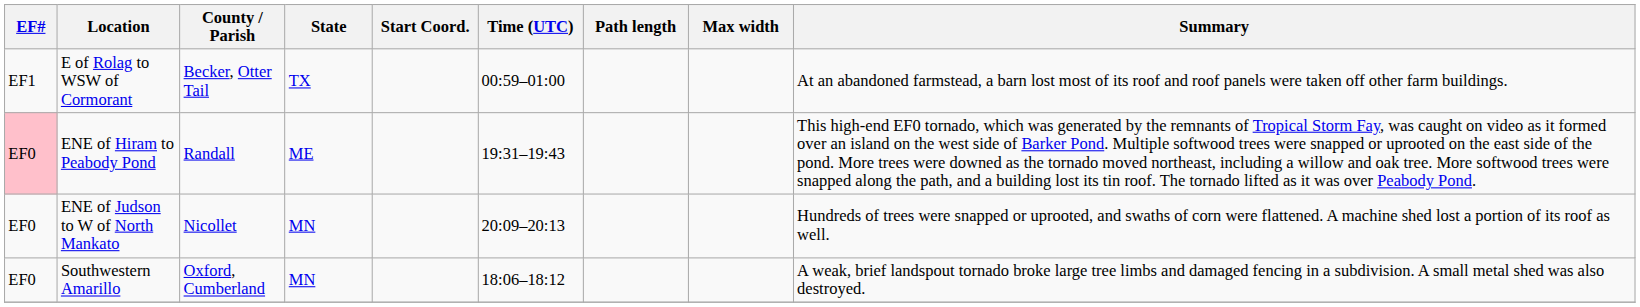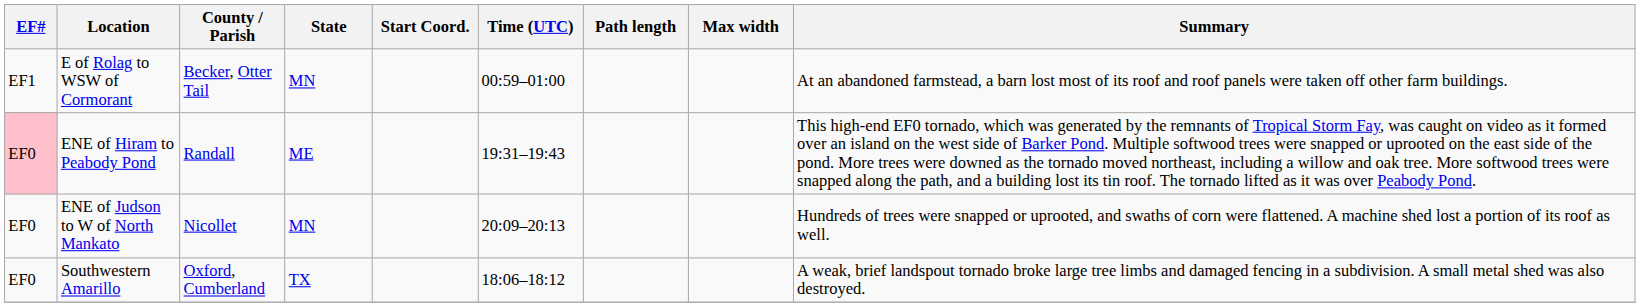 <table class="wikitable sortable" style="width:100%;">
 <tr>
 <th scope="col"  style="width:3%; text-align:center;"><a href='#'>EF#</a></th>
 <th scope="col"  style="width:7%; text-align:center;" class="unsortable">Location</th>
 <th scope="col"  style="width:6%; text-align:center;" class="unsortable">County / Parish</th>
 <th scope="col"  style="width:5%; text-align:center;">State</th>
 <th scope="col"  style="width:6%; text-align:center;">Start Coord.</th>
 <th scope="col"  style="width:6%; text-align:center;">Time (<a href='#'>UTC</a>)</th>
 <th scope="col"  style="width:6%; text-align:center;">Path length</th>
 <th scope="col"  style="width:6%; text-align:center;">Max width</th>
 <th scope="col" class="unsortable" style="width:48%; text-align:center;">Summary</th>
 </tr>
 <tr>
 <td>EF1</td>
 <td>E of <a href='#'>Rolag</a> to WSW of <a href='#'>Cormorant</a></td>
 <td><a href='#'>Becker</a>, <a href='#'>Otter Tail</a></td>
-<td><a href='#'>TX</a></td>
+<td><a href='#'>MN</a></td>
 <td></td>
 <td>00:59–01:00</td>
 <td></td>
 <td></td>
 <td>At an abandoned farmstead, a barn lost most of its roof and roof panels were taken off other farm buildings.</td>
 </tr>
 <tr>
 <td style="background: pink;">EF0</td>
 <td>ENE of <a href='#'>Hiram</a> to <a href='#'>Peabody Pond</a></td>
 <td><a href='#'>Randall</a></td>
 <td><a href='#'>ME</a></td>
 <td></td>
 <td>19:31–19:43</td>
 <td></td>
 <td></td>
 <td>This high-end EF0 tornado, which was generated by the remnants of <a href='#'>Tropical Storm Fay</a>, was caught on video as it formed over an island on the west side of <a href='#'>Barker Pond</a>. Multiple softwood trees were snapped or uprooted on the east side of the pond. More trees were downed as the tornado moved northeast, including a willow and oak tree. More softwood trees were snapped along the path, and a building lost its tin roof. The tornado lifted as it was over <a href='#'>Peabody Pond</a>.</td>
 </tr>
 <tr>
 <td>EF0</td>
 <td>ENE of <a href='#'>Judson</a> to W of <a href='#'>North Mankato</a></td>
 <td><a href='#'>Nicollet</a></td>
 <td><a href='#'>MN</a></td>
 <td></td>
 <td>20:09–20:13</td>
 <td></td>
 <td></td>
 <td>Hundreds of trees were snapped or uprooted, and swaths of corn were flattened. A machine shed lost a portion of its roof as well.</td>
 </tr>
 <tr>
 <td>EF0</td>
 <td>Southwestern <a href='#'>Amarillo</a></td>
 <td><a href='#'>Oxford</a>, <a href='#'>Cumberland</a></td>
-<td><a href='#'>MN</a></td>
+<td><a href='#'>TX</a></td>
 <td></td>
 <td>18:06–18:12</td>
 <td></td>
 <td></td>
 <td>A weak, brief landspout tornado broke large tree limbs and damaged fencing in a subdivision. A small metal shed was also destroyed.</td>
 </tr>
 <tr>
 </tr>
 </table>
